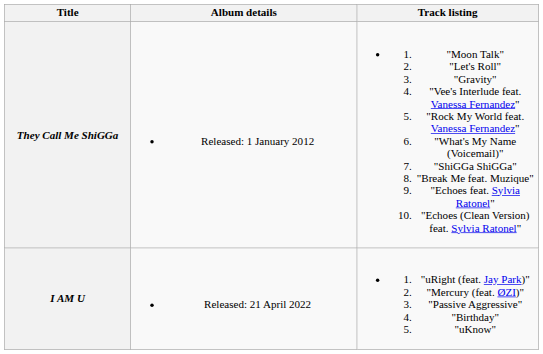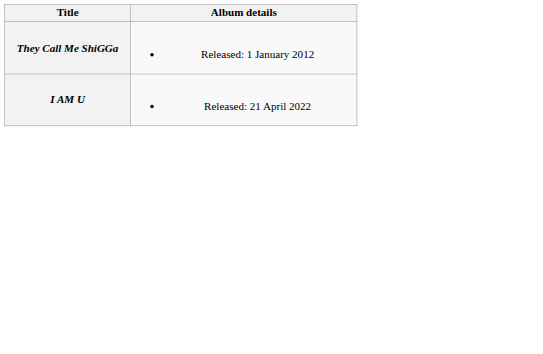 <table class="wikitable plainrowheaders" style="text-align:center;">
 <tr>
 <th scope="col" style="width:11em;">Title</th>
 <th scope="col" style="width:20em;">Album details</th>
-<th scope="col" style="width:16em;">Track listing</th>
 </tr>
 <tr>
 <th scope="row"><em>They Call Me ShiGGa</em></th>
 <td><br><ul><li>Released: 1 January 2012</li></ul></td>
-<td><br><ul><li><ol><li>"Moon Talk"</li><li>"Let's Roll"</li><li>"Gravity"</li><li>"Vee's Interlude feat. <a href='#'>Vanessa Fernandez</a>"</li><li>"Rock My World feat. <a href='#'>Vanessa Fernandez</a>"</li><li>"What's My Name (Voicemail)"</li><li>"ShiGGa ShiGGa"</li><li>"Break Me feat. Muzique"</li><li>"Echoes feat. <a href='#'>Sylvia Ratonel</a>"</li><li>"Echoes (Clean Version) feat. <a href='#'>Sylvia Ratonel</a>"</li></ol></li></ul></td>
 </tr>
 <tr>
 <th scope="row"><em>I AM U</em></th>
 <td><br><ul><li>Released: 21 April 2022</li></ul></td>
-<td><br><ul><li><ol><li>"uRight (feat. <a href='#'>Jay Park</a>)"</li><li>"Mercury (feat. <a href='#'>ØZI</a>)"</li><li>"Passive Aggressive"</li><li>"Birthday"</li><li>"uKnow"</li></ol></li></ul></td>
 </tr>
 </table>
